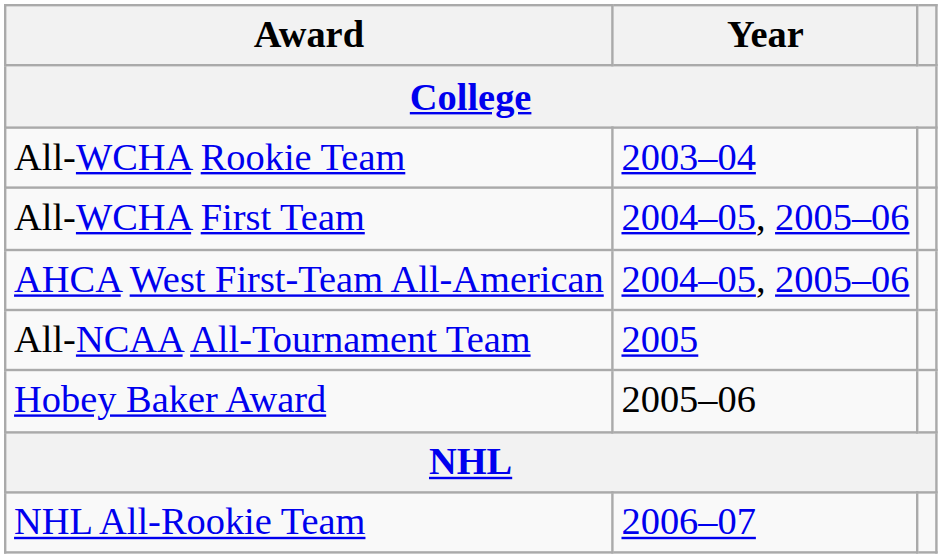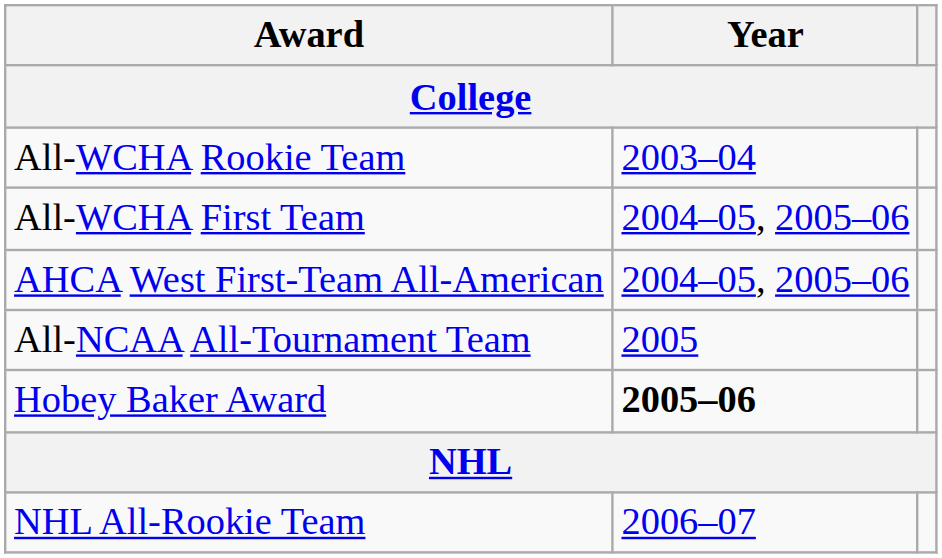 <table class="wikitable">
 <tr>
 <th>Award</th>
 <th>Year</th>
 <th></th>
 </tr>
 <tr>
 <th colspan="3"><a href='#'>College</a></th>
 </tr>
 <tr>
 <td>All-<a href='#'>WCHA</a> <a href='#'>Rookie Team</a></td>
 <td><a href='#'>2003–04</a></td>
 <td></td>
 </tr>
 <tr>
 <td>All-<a href='#'>WCHA</a> <a href='#'>First Team</a></td>
 <td><a href='#'>2004–05</a>, <a href='#'>2005–06</a></td>
 <td></td>
 </tr>
 <tr>
 <td><a href='#'>AHCA</a> <a href='#'>West First-Team All-American</a></td>
 <td><a href='#'>2004–05</a>, <a href='#'>2005–06</a></td>
 <td></td>
 </tr>
 <tr>
 <td>All-<a href='#'>NCAA</a> <a href='#'>All-Tournament Team</a></td>
 <td><a href='#'>2005</a></td>
 <td></td>
 </tr>
 <tr>
 <td><a href='#'>Hobey Baker Award</a></td>
-<td>2005–06</td>
+<td><strong>2005–06</strong></td>
 <td></td>
 </tr>
 <tr>
 <th colspan="3"><a href='#'>NHL</a></th>
 </tr>
 <tr>
 <td><a href='#'>NHL All-Rookie Team</a></td>
 <td><a href='#'>2006–07</a></td>
 <td></td>
 </tr>
 </table>
